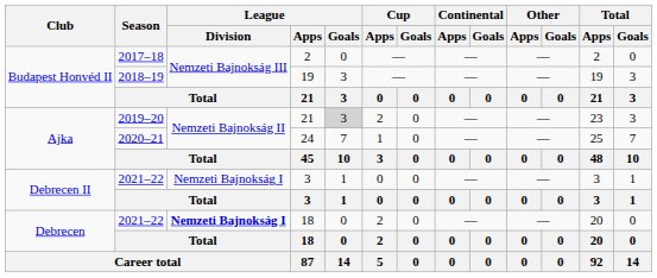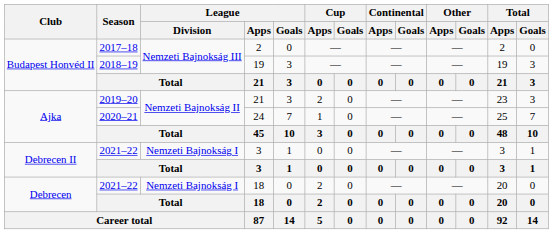 <table class="wikitable" style="text-align:center">
 <tr>
 <th rowspan="2">Club</th>
 <th rowspan="2">Season</th>
 <th colspan="3">League</th>
 <th colspan="2">Cup</th>
 <th colspan="2">Continental</th>
 <th colspan="2">Other</th>
 <th colspan="2">Total</th>
 </tr>
 <tr>
 <th>Division</th>
 <th>Apps</th>
 <th>Goals</th>
 <th>Apps</th>
 <th>Goals</th>
 <th>Apps</th>
 <th>Goals</th>
 <th>Apps</th>
 <th>Goals</th>
 <th>Apps</th>
 <th>Goals</th>
 </tr>
 <tr>
 <td rowspan="3"><a href='#'>Budapest Honvéd II</a></td>
 <td><a href='#'>2017–18</a></td>
 <td rowspan="2"><a href='#'>Nemzeti Bajnokság III</a></td>
 <td>2</td>
 <td>0</td>
 <td colspan="2">—</td>
 <td colspan="2">—</td>
 <td colspan="2">—</td>
 <td>2</td>
 <td>0</td>
 </tr>
 <tr>
 <td><a href='#'>2018–19</a></td>
 <td>19</td>
 <td>3</td>
 <td colspan="2">—</td>
 <td colspan="2">—</td>
 <td colspan="2">—</td>
 <td>19</td>
 <td>3</td>
 </tr>
 <tr>
 <th colspan="2">Total</th>
 <th>21</th>
 <th>3</th>
 <th>0</th>
 <th>0</th>
 <th>0</th>
 <th>0</th>
 <th>0</th>
 <th>0</th>
 <th>21</th>
 <th>3</th>
 </tr>
 <tr>
 <td rowspan="3"><a href='#'>Ajka</a></td>
 <td><a href='#'>2019–20</a></td>
 <td rowspan="2"><a href='#'>Nemzeti Bajnokság II</a></td>
 <td>21</td>
-<td style="background: lightgrey;">3</td>
+<td>3</td>
 <td>2</td>
 <td>0</td>
 <td colspan="2">—</td>
 <td colspan="2">—</td>
 <td>23</td>
 <td>3</td>
 </tr>
 <tr>
 <td><a href='#'>2020–21</a></td>
 <td>24</td>
 <td>7</td>
 <td>1</td>
 <td>0</td>
 <td colspan="2">—</td>
 <td colspan="2">—</td>
 <td>25</td>
 <td>7</td>
 </tr>
 <tr>
 <th colspan="2">Total</th>
 <th>45</th>
 <th>10</th>
 <th>3</th>
 <th>0</th>
 <th>0</th>
 <th>0</th>
 <th>0</th>
 <th>0</th>
 <th>48</th>
 <th>10</th>
 </tr>
 <tr>
 <td rowspan="2"><a href='#'>Debrecen II</a></td>
 <td><a href='#'>2021–22</a></td>
 <td><a href='#'>Nemzeti Bajnokság I</a></td>
 <td>3</td>
 <td>1</td>
 <td>0</td>
 <td>0</td>
 <td colspan="2">—</td>
 <td colspan="2">—</td>
 <td>3</td>
 <td>1</td>
 </tr>
 <tr>
 <th colspan="2">Total</th>
 <th>3</th>
 <th>1</th>
 <th>0</th>
 <th>0</th>
 <th>0</th>
 <th>0</th>
 <th>0</th>
 <th>0</th>
 <th>3</th>
 <th>1</th>
 </tr>
 <tr>
 <td rowspan="2"><a href='#'>Debrecen</a></td>
 <td><a href='#'>2021–22</a></td>
-<td><strong><a href='#'>Nemzeti Bajnokság I</a></strong></td>
+<td><a href='#'>Nemzeti Bajnokság I</a></td>
 <td>18</td>
 <td>0</td>
 <td>2</td>
 <td>0</td>
 <td colspan="2">—</td>
 <td colspan="2">—</td>
 <td>20</td>
 <td>0</td>
 </tr>
 <tr>
 <th colspan="2">Total</th>
 <th>18</th>
 <th>0</th>
 <th>2</th>
 <th>0</th>
 <th>0</th>
 <th>0</th>
 <th>0</th>
 <th>0</th>
 <th>20</th>
 <th>0</th>
 </tr>
 <tr>
 <th colspan="3">Career total</th>
 <th>87</th>
 <th>14</th>
 <th>5</th>
 <th>0</th>
 <th>0</th>
 <th>0</th>
 <th>0</th>
 <th>0</th>
 <th>92</th>
 <th>14</th>
 </tr>
 </table>
